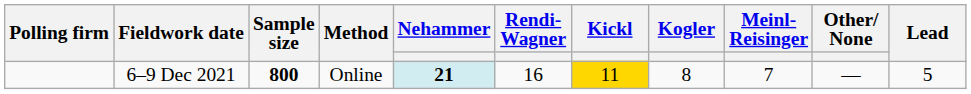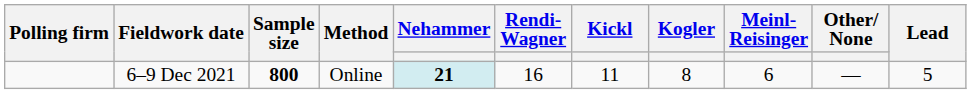 <table class="wikitable sortable mw-datatable" style="text-align:center;font-size:90%;line-height:14px;">
 <tr>
 <th rowspan="2">Polling firm</th>
 <th rowspan="2">Fieldwork date</th>
 <th rowspan="2">Sample<br>size</th>
 <th rowspan="2">Method</th>
 <th class="unsortable" style="width:50px;"><a href='#'>Nehammer</a><br></th>
 <th class="unsortable" style="width:50px;"><a href='#'>Rendi-Wagner</a><br></th>
 <th class="unsortable" style="width:50px;"><a href='#'>Kickl</a><br></th>
 <th class="unsortable" style="width:50px;"><a href='#'>Kogler</a><br></th>
 <th class="unsortable" style="width:50px;"><a href='#'>Meinl-Reisinger</a><br></th>
 <th class="unsortable" style="width:50px;">Other/<br>None</th>
 <th rowspan="2" class="unsortable" style="width:50px;">Lead</th>
 </tr>
 <tr>
 <th style="background:"></th>
 <th style="background:"></th>
 <th style="background:"></th>
 <th style="background:"></th>
 <th style="background:"></th>
 <th style="background:"></th>
 </tr>
 <tr>
 <td></td>
 <td data-sort-value="2021-12-09">6–9 Dec 2021</td>
 <td><strong>800</strong></td>
 <td>Online</td>
 <td style="background:#D2EDF1;"><strong>21</strong></td>
 <td>16</td>
-<td style="background: gold;">11</td>
+<td>11</td>
 <td>8</td>
-<td>7</td>
+<td>6</td>
 <td>—</td>
 <td style="background:">5</td>
 </tr>
 </table>
